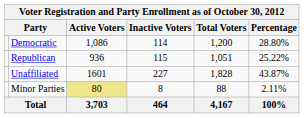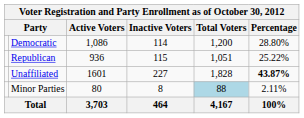 <table class=wikitable>
 <tr>
 <th colspan = 6>Voter Registration and Party Enrollment as of October 30, 2012</th>
 </tr>
 <tr>
 <th colspan = 2>Party</th>
 <th>Active Voters</th>
 <th>Inactive Voters</th>
 <th>Total Voters</th>
 <th>Percentage</th>
 </tr>
 <tr>
 <td></td>
 <td><a href='#'>Democratic</a></td>
 <td align = center>1,086</td>
 <td align = center>114</td>
 <td align = center>1,200</td>
 <td align = center>28.80%</td>
 </tr>
 <tr>
 <td></td>
 <td><a href='#'>Republican</a></td>
 <td align = center>936</td>
 <td align = center>115</td>
 <td align = center>1,051</td>
 <td align = center>25.22%</td>
 </tr>
 <tr>
 <td></td>
 <td><a href='#'>Unaffiliated</a></td>
 <td align = center>1601</td>
 <td align = center>227</td>
 <td align = center>1,828</td>
-<td align = center>43.87%</td>
+<td align = center><strong>43.87%</strong></td>
 </tr>
 <tr>
 <td></td>
 <td>Minor Parties</td>
-<td align = center style="background: khaki;">80</td>
+<td align = center>80</td>
 <td align = center>8</td>
-<td align = center>88</td>
+<td align = center style="background: lightblue;">88</td>
 <td align = center>2.11%</td>
 </tr>
 <tr>
 <th colspan = 2>Total</th>
 <th align = center>3,703</th>
 <th align = center>464</th>
 <th align = center>4,167</th>
 <th align = center>100%</th>
 </tr>
 </table>
